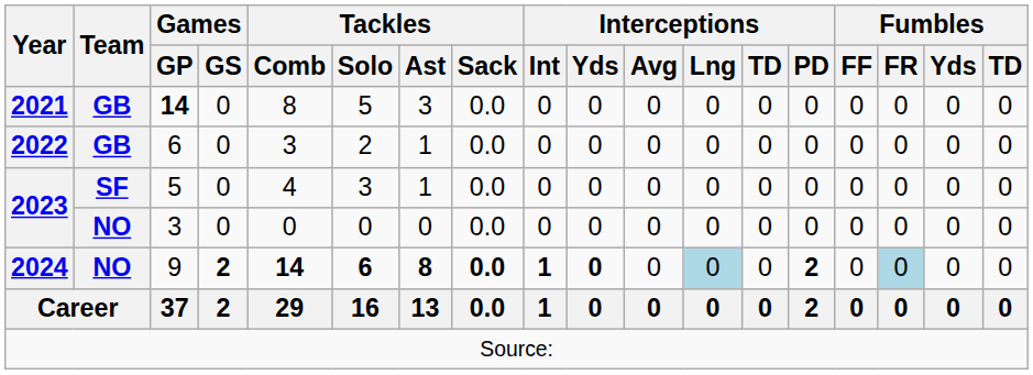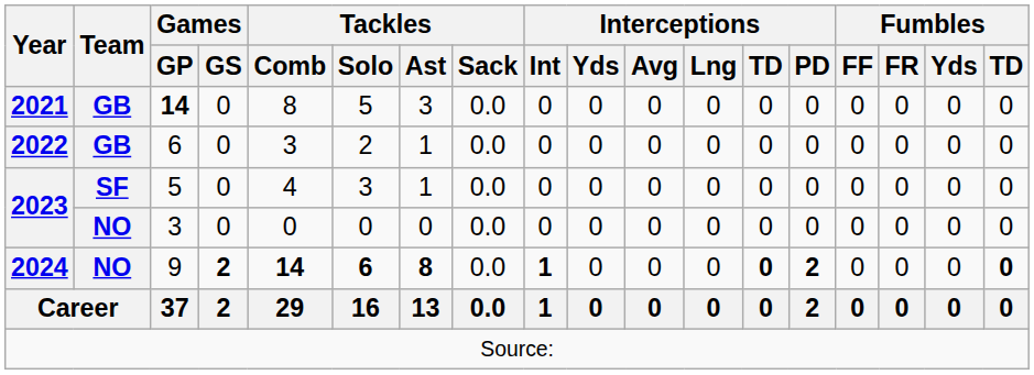 <table class="wikitable" style="text-align:center">
 <tr>
 <th rowspan="2">Year</th>
 <th rowspan="2">Team</th>
 <th colspan="2">Games</th>
 <th colspan="4">Tackles</th>
 <th colspan="6">Interceptions</th>
 <th colspan="4">Fumbles</th>
 </tr>
 <tr>
 <th>GP</th>
 <th>GS</th>
 <th>Comb</th>
 <th>Solo</th>
 <th>Ast</th>
 <th>Sack</th>
 <th>Int</th>
 <th>Yds</th>
 <th>Avg</th>
 <th>Lng</th>
 <th>TD</th>
 <th>PD</th>
 <th>FF</th>
 <th>FR</th>
 <th>Yds</th>
 <th>TD</th>
 </tr>
 <tr>
 <th><a href='#'>2021</a></th>
 <th><a href='#'>GB</a></th>
 <td><strong>14</strong></td>
 <td>0</td>
 <td>8</td>
 <td>5</td>
 <td>3</td>
 <td>0.0</td>
 <td>0</td>
 <td>0</td>
 <td>0</td>
 <td>0</td>
 <td>0</td>
 <td>0</td>
 <td>0</td>
 <td>0</td>
 <td>0</td>
 <td>0</td>
 </tr>
 <tr>
 <th><a href='#'>2022</a></th>
 <th><a href='#'>GB</a></th>
 <td>6</td>
 <td>0</td>
 <td>3</td>
 <td>2</td>
 <td>1</td>
 <td>0.0</td>
 <td>0</td>
 <td>0</td>
 <td>0</td>
 <td>0</td>
 <td>0</td>
 <td>0</td>
 <td>0</td>
 <td>0</td>
 <td>0</td>
 <td>0</td>
 </tr>
 <tr>
 <th rowspan="2"><a href='#'>2023</a></th>
 <th><a href='#'>SF</a></th>
 <td>5</td>
 <td>0</td>
 <td>4</td>
 <td>3</td>
 <td>1</td>
 <td>0.0</td>
 <td>0</td>
 <td>0</td>
 <td>0</td>
 <td>0</td>
 <td>0</td>
 <td>0</td>
 <td>0</td>
 <td>0</td>
 <td>0</td>
 <td>0</td>
 </tr>
 <tr>
 <th><a href='#'>NO</a></th>
 <td>3</td>
 <td>0</td>
 <td>0</td>
 <td>0</td>
 <td>0</td>
 <td>0.0</td>
 <td>0</td>
 <td>0</td>
 <td>0</td>
 <td>0</td>
 <td>0</td>
 <td>0</td>
 <td>0</td>
 <td>0</td>
 <td>0</td>
 <td>0</td>
 </tr>
 <tr>
 <th><a href='#'>2024</a></th>
 <th><a href='#'>NO</a></th>
 <td>9</td>
 <td><strong>2</strong></td>
 <td><strong>14</strong></td>
 <td><strong>6</strong></td>
 <td><strong>8</strong></td>
-<td><strong>0.0</strong></td>
+<td>0.0</td>
 <td><strong>1</strong></td>
+<td>0</td>
+<td>0</td>
+<td>0</td>
 <td><strong>0</strong></td>
-<td>0</td>
-<td style="background: lightblue;">0</td>
-<td>0</td>
 <td><strong>2</strong></td>
 <td>0</td>
-<td style="background: lightblue;">0</td>
 <td>0</td>
 <td>0</td>
+<td><strong>0</strong></td>
 </tr>
 <tr>
 <th colspan="2">Career</th>
 <th>37</th>
 <th>2</th>
 <th>29</th>
 <th>16</th>
 <th>13</th>
 <th>0.0</th>
 <th>1</th>
 <th>0</th>
 <th>0</th>
 <th>0</th>
 <th>0</th>
 <th>2</th>
 <th>0</th>
 <th>0</th>
 <th>0</th>
 <th>0</th>
 </tr>
 <tr>
 <td colspan="18"><small>Source: </small></td>
 </tr>
 </table>
